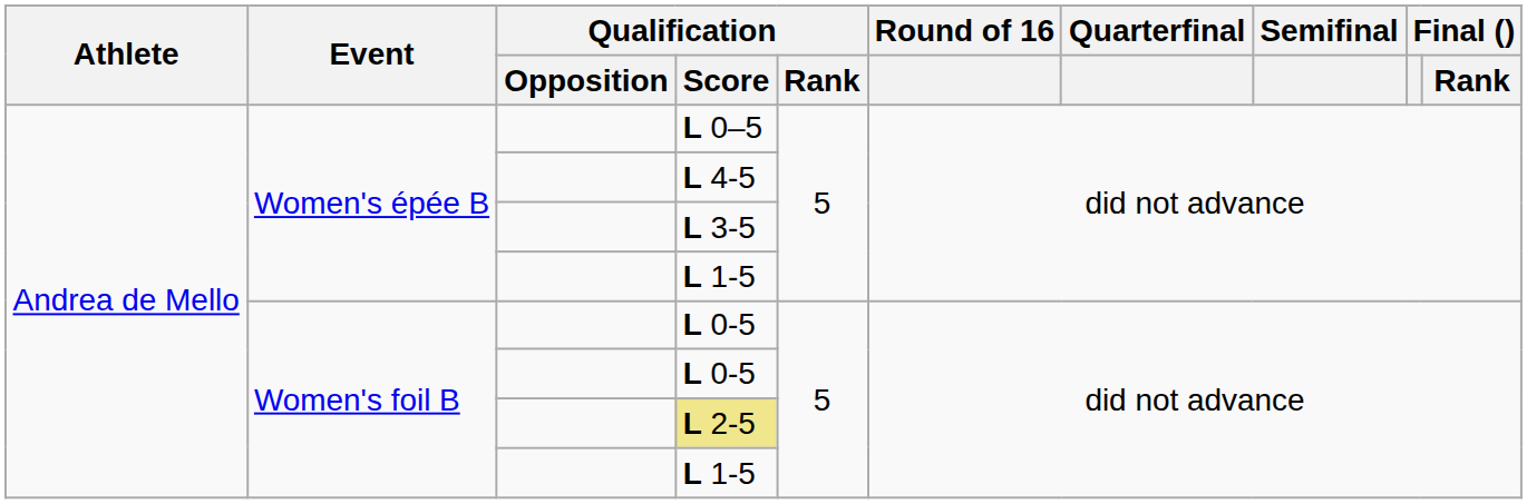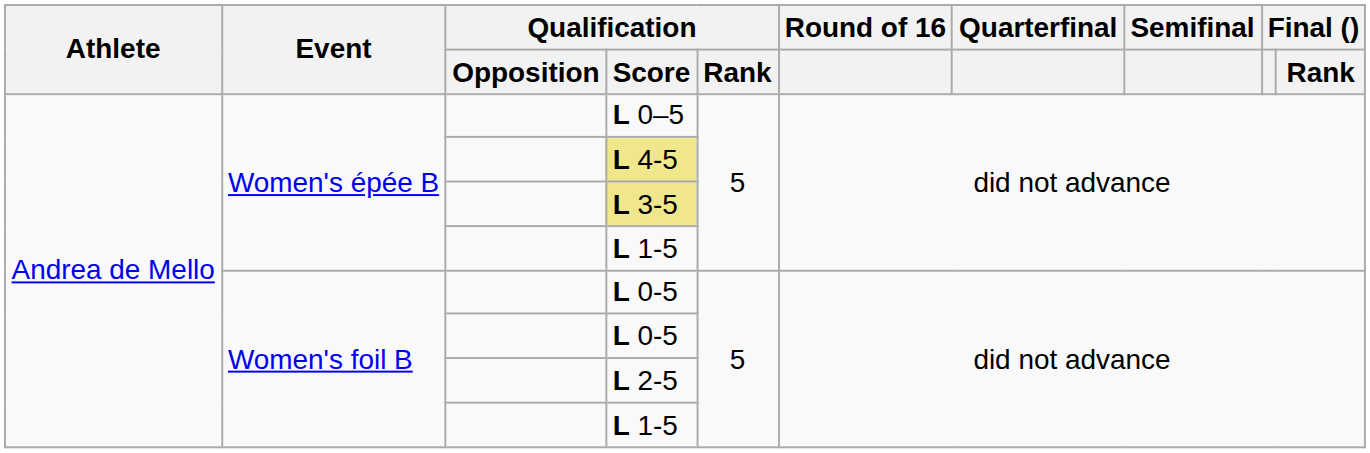 <table class=wikitable style="font-size:90%">
 <tr>
 <th rowspan="2">Athlete</th>
 <th rowspan="2">Event</th>
 <th colspan="3">Qualification</th>
 <th>Round of 16</th>
 <th>Quarterfinal</th>
 <th>Semifinal</th>
 <th colspan="2">Final ()</th>
 </tr>
 <tr>
 <th>Opposition</th>
 <th>Score</th>
 <th>Rank</th>
 <th></th>
 <th></th>
 <th></th>
 <th></th>
 <th>Rank</th>
 </tr>
 <tr>
 <td rowspan=8><a href='#'>Andrea de Mello</a></td>
 <td rowspan=4><a href='#'>Women's épée B</a></td>
 <td></td>
 <td><strong>L</strong> 0–5</td>
 <td align="center" rowspan=4>5</td>
 <td align="center" rowspan=4 colspan=5>did not advance</td>
 </tr>
 <tr>
 <td></td>
-<td><strong>L</strong> 4-5</td>
+<td style="background: khaki;"><strong>L</strong> 4-5</td>
 </tr>
 <tr>
 <td></td>
-<td><strong>L</strong> 3-5</td>
+<td style="background: khaki;"><strong>L</strong> 3-5</td>
 </tr>
 <tr>
 <td></td>
 <td><strong>L</strong> 1-5</td>
 </tr>
 <tr>
 <td rowspan=4><a href='#'>Women's foil B</a></td>
 <td></td>
 <td><strong>L</strong> 0-5</td>
 <td align="center" rowspan=4>5</td>
 <td align="center" rowspan=4 colspan=5>did not advance</td>
 </tr>
 <tr>
 <td></td>
 <td><strong>L</strong> 0-5</td>
 </tr>
 <tr>
 <td></td>
-<td style="background: khaki;"><strong>L</strong> 2-5</td>
+<td><strong>L</strong> 2-5</td>
 </tr>
 <tr>
 <td></td>
 <td><strong>L</strong> 1-5</td>
 </tr>
 </table>
